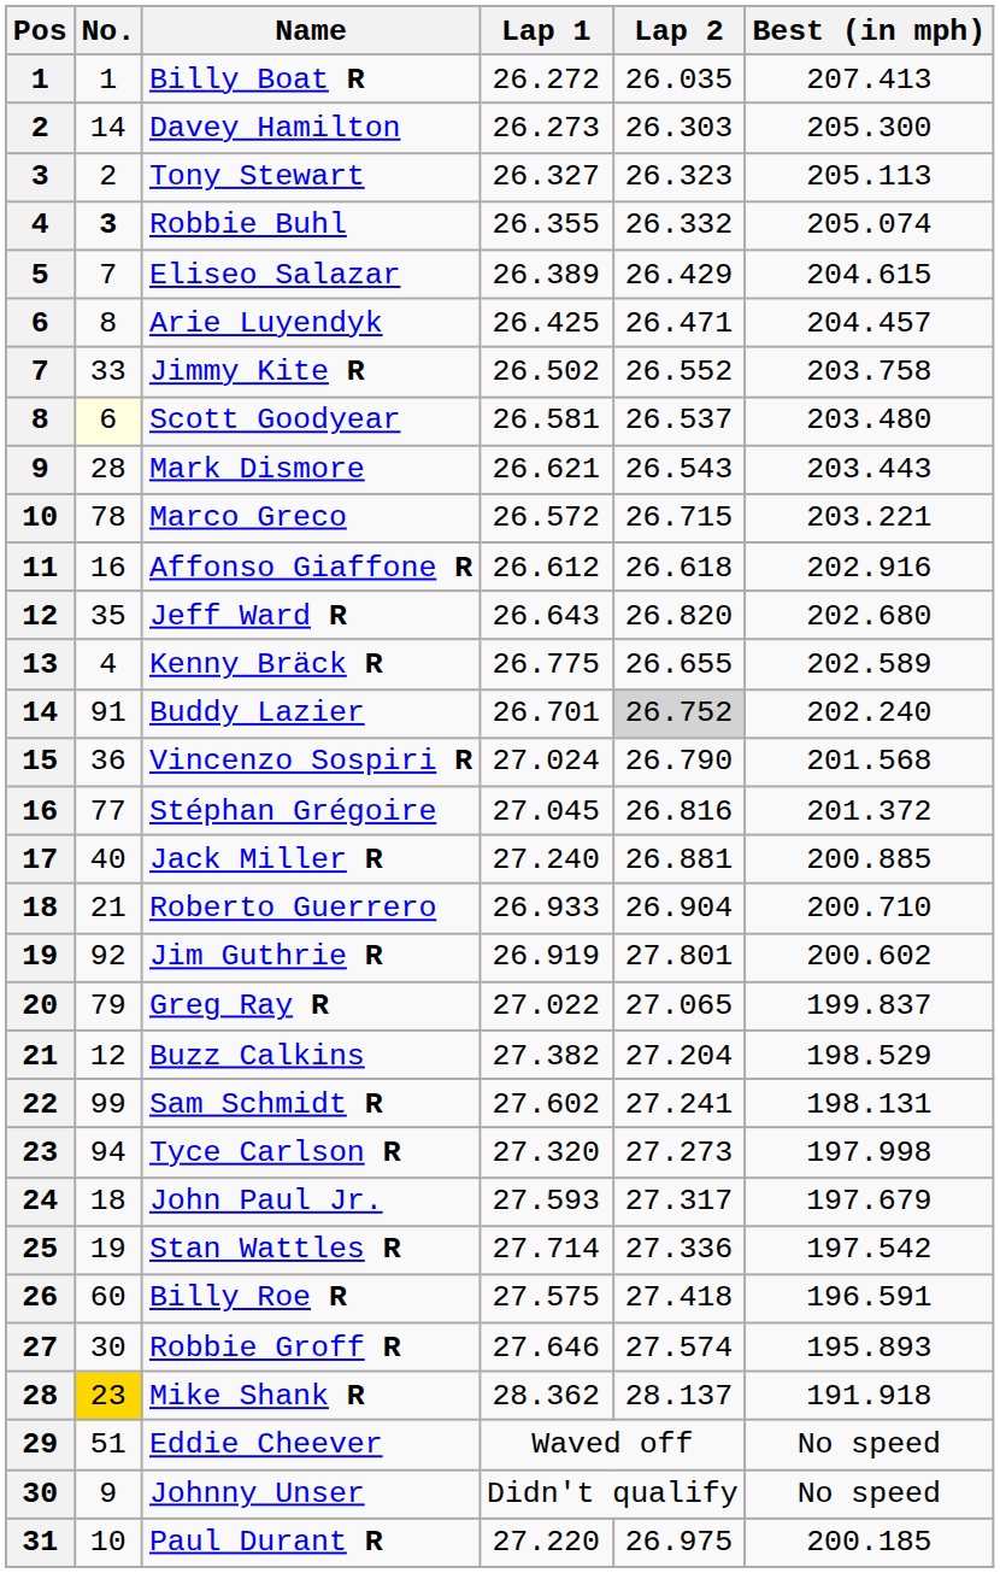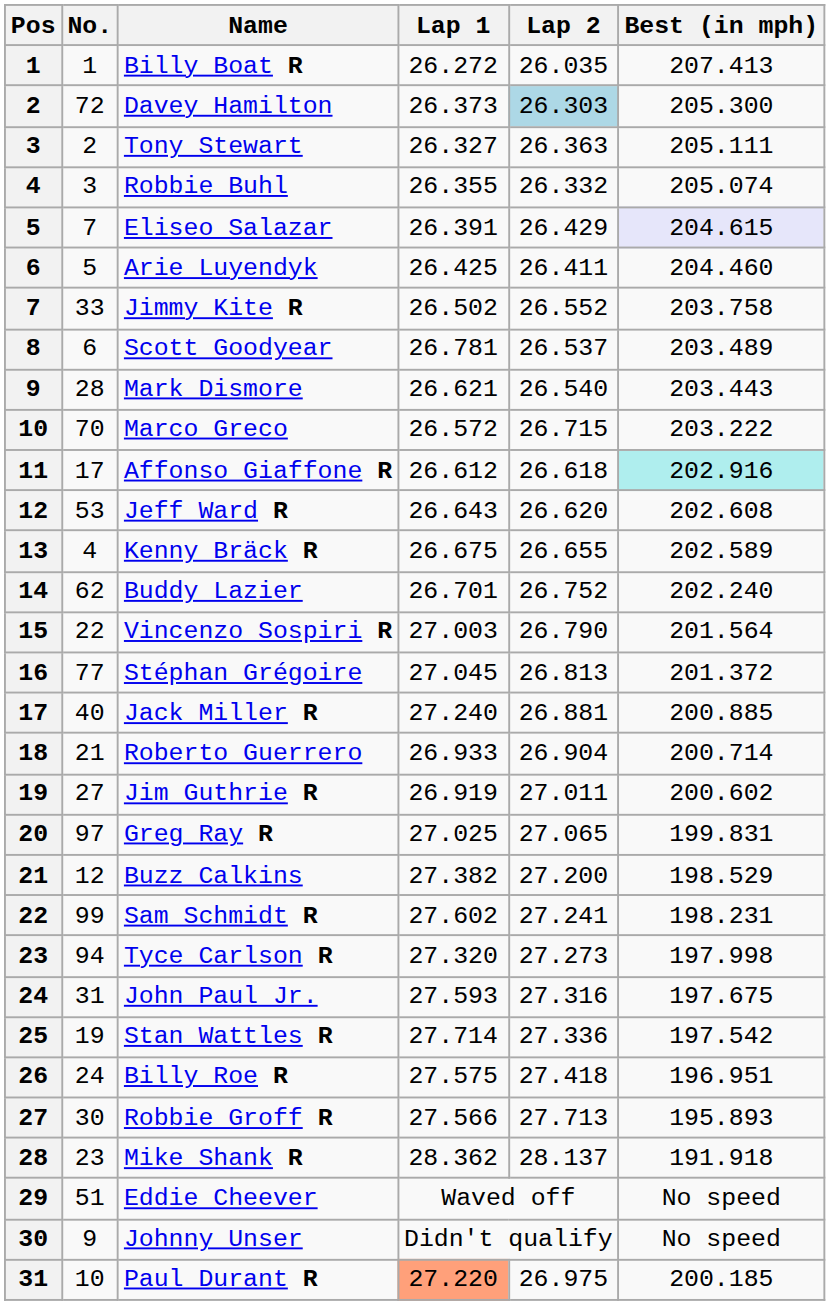 <table class="wikitable sortable" " style="fontsize:95%">
 <tr>
 <th>Pos</th>
 <th>No.</th>
 <th>Name</th>
 <th>Lap 1</th>
 <th>Lap 2</th>
 <th>Best (in mph)</th>
 </tr>
 <tr>
 <th scope="row">1</th>
 <td align=center>1</td>
 <td> <a href='#'>Billy Boat</a> <strong><span>R</span></strong></td>
 <td align="center">26.272</td>
 <td align="center">26.035</td>
 <td align="center">207.413</td>
 </tr>
 <tr>
 <th scope="row">2</th>
-<td align=center>14</td>
+<td align=center>72</td>
 <td> <a href='#'>Davey Hamilton</a></td>
-<td align="center">26.273</td>
-<td align="center">26.303</td>
+<td align="center">26.373</td>
+<td align="center" style="background: lightblue;">26.303</td>
 <td align="center">205.300</td>
 </tr>
 <tr>
 <th scope="row">3</th>
 <td align=center>2</td>
 <td> <a href='#'>Tony Stewart</a></td>
 <td align="center">26.327</td>
-<td align="center">26.323</td>
-<td align="center">205.113</td>
+<td align="center">26.363</td>
+<td align="center">205.111</td>
 </tr>
 <tr>
 <th scope="row">4</th>
-<td align=center><strong>3</strong></td>
+<td align=center>3</td>
 <td> <a href='#'>Robbie Buhl</a></td>
 <td align="center">26.355</td>
 <td align="center">26.332</td>
 <td align="center">205.074</td>
 </tr>
 <tr>
 <th scope="row">5</th>
 <td align=center>7</td>
 <td> <a href='#'>Eliseo Salazar</a></td>
-<td align="center">26.389</td>
+<td align="center">26.391</td>
 <td align="center">26.429</td>
-<td align="center">204.615</td>
+<td align="center" style="background: lavender;">204.615</td>
 </tr>
 <tr>
 <th scope="row">6</th>
-<td align=center>8</td>
+<td align=center>5</td>
 <td> <a href='#'>Arie Luyendyk</a></td>
 <td align="center">26.425</td>
-<td align="center">26.471</td>
-<td align="center">204.457</td>
+<td align="center">26.411</td>
+<td align="center">204.460</td>
 </tr>
 <tr>
 <th scope="row">7</th>
 <td align=center>33</td>
 <td> <a href='#'>Jimmy Kite</a> <strong><span>R</span></strong></td>
 <td align="center">26.502</td>
 <td align="center">26.552</td>
 <td align="center">203.758</td>
 </tr>
 <tr>
 <th scope="row">8</th>
-<td align=center style="background: lightyellow;">6</td>
+<td align=center>6</td>
 <td> <a href='#'>Scott Goodyear</a></td>
-<td align="center">26.581</td>
+<td align="center">26.781</td>
 <td align="center">26.537</td>
-<td align="center">203.480</td>
+<td align="center">203.489</td>
 </tr>
 <tr>
 <th scope="row">9</th>
 <td align=center>28</td>
 <td> <a href='#'>Mark Dismore</a></td>
 <td align="center">26.621</td>
-<td align="center">26.543</td>
+<td align="center">26.540</td>
 <td align="center">203.443</td>
 </tr>
 <tr>
 <th scope="row">10</th>
-<td align=center>78</td>
+<td align=center>70</td>
 <td> <a href='#'>Marco Greco</a></td>
 <td align="center">26.572</td>
 <td align="center">26.715</td>
-<td align="center">203.221</td>
+<td align="center">203.222</td>
 </tr>
 <tr>
 <th scope="row">11</th>
-<td align=center>16</td>
+<td align=center>17</td>
 <td> <a href='#'>Affonso Giaffone</a> <strong><span>R</span></strong></td>
 <td align="center">26.612</td>
 <td align="center">26.618</td>
-<td align="center">202.916</td>
+<td align="center" style="background: paleturquoise;">202.916</td>
 </tr>
 <tr>
 <th scope="row">12</th>
-<td align=center>35</td>
+<td align=center>53</td>
 <td> <a href='#'>Jeff Ward</a> <strong><span>R</span></strong></td>
 <td align="center">26.643</td>
-<td align="center">26.820</td>
-<td align="center">202.680</td>
+<td align="center">26.620</td>
+<td align="center">202.608</td>
 </tr>
 <tr>
 <th scope="row">13</th>
 <td align=center>4</td>
 <td> <a href='#'>Kenny Bräck</a> <strong><span>R</span></strong></td>
-<td align="center">26.775</td>
+<td align="center">26.675</td>
 <td align="center">26.655</td>
 <td align="center">202.589</td>
 </tr>
 <tr>
 <th scope="row">14</th>
-<td align=center>91</td>
+<td align=center>62</td>
 <td> <a href='#'>Buddy Lazier</a></td>
 <td align="center">26.701</td>
-<td align="center" style="background: lightgrey;">26.752</td>
+<td align="center">26.752</td>
 <td align="center">202.240</td>
 </tr>
 <tr>
 <th scope="row">15</th>
-<td align=center>36</td>
+<td align=center>22</td>
 <td> <a href='#'>Vincenzo Sospiri</a> <strong><span>R</span></strong></td>
-<td align="center">27.024</td>
+<td align="center">27.003</td>
 <td align="center">26.790</td>
-<td align="center">201.568</td>
+<td align="center">201.564</td>
 </tr>
 <tr>
 <th scope="row">16</th>
 <td align=center>77</td>
 <td> <a href='#'>Stéphan Grégoire</a></td>
 <td align="center">27.045</td>
-<td align="center">26.816</td>
+<td align="center">26.813</td>
 <td align="center">201.372</td>
 </tr>
 <tr>
 <th scope="row">17</th>
 <td align=center>40</td>
 <td> <a href='#'>Jack Miller</a> <strong><span>R</span></strong></td>
 <td align="center">27.240</td>
 <td align="center">26.881</td>
 <td align="center">200.885</td>
 </tr>
 <tr>
 <th scope="row">18</th>
 <td align=center>21</td>
 <td> <a href='#'>Roberto Guerrero</a></td>
 <td align="center">26.933</td>
 <td align="center">26.904</td>
-<td align="center">200.710</td>
+<td align="center">200.714</td>
 </tr>
 <tr>
 <th scope="row">19</th>
-<td align=center>92</td>
+<td align=center>27</td>
 <td> <a href='#'>Jim Guthrie</a> <strong><span>R</span></strong></td>
 <td align="center">26.919</td>
-<td align="center">27.801</td>
+<td align="center">27.011</td>
 <td align="center">200.602</td>
 </tr>
 <tr>
 <th scope="row">20</th>
-<td align=center>79</td>
+<td align=center>97</td>
 <td> <a href='#'>Greg Ray</a> <strong><span>R</span></strong></td>
-<td align="center">27.022</td>
+<td align="center">27.025</td>
 <td align="center">27.065</td>
-<td align="center">199.837</td>
+<td align="center">199.831</td>
 </tr>
 <tr>
 <th scope="row">21</th>
 <td align=center>12</td>
 <td> <a href='#'>Buzz Calkins</a></td>
 <td align="center">27.382</td>
-<td align="center">27.204</td>
+<td align="center">27.200</td>
 <td align="center">198.529</td>
 </tr>
 <tr>
 <th scope="row">22</th>
 <td align=center>99</td>
 <td> <a href='#'>Sam Schmidt</a> <strong><span>R</span></strong></td>
 <td align="center">27.602</td>
 <td align="center">27.241</td>
-<td align="center">198.131</td>
+<td align="center">198.231</td>
 </tr>
 <tr>
 <th scope="row">23</th>
 <td align=center>94</td>
 <td> <a href='#'>Tyce Carlson</a> <strong><span>R</span></strong></td>
 <td align="center">27.320</td>
 <td align="center">27.273</td>
 <td align="center">197.998</td>
 </tr>
 <tr>
 <th scope="row">24</th>
-<td align=center>18</td>
+<td align=center>31</td>
 <td> <a href='#'>John Paul Jr.</a></td>
 <td align="center">27.593</td>
-<td align="center">27.317</td>
-<td align="center">197.679</td>
+<td align="center">27.316</td>
+<td align="center">197.675</td>
 </tr>
 <tr>
 <th scope="row">25</th>
 <td align=center>19</td>
 <td> <a href='#'>Stan Wattles</a> <strong><span>R</span></strong></td>
 <td align="center">27.714</td>
 <td align="center">27.336</td>
 <td align="center">197.542</td>
 </tr>
 <tr>
 <th scope="row">26</th>
-<td align=center>60</td>
+<td align=center>24</td>
 <td> <a href='#'>Billy Roe</a> <strong><span>R</span></strong></td>
 <td align="center">27.575</td>
 <td align="center">27.418</td>
-<td align="center">196.591</td>
+<td align="center">196.951</td>
 </tr>
 <tr>
 <th scope="row">27</th>
 <td align=center>30</td>
 <td> <a href='#'>Robbie Groff</a> <strong><span>R</span></strong></td>
-<td align="center">27.646</td>
-<td align="center">27.574</td>
+<td align="center">27.566</td>
+<td align="center">27.713</td>
 <td align="center">195.893</td>
 </tr>
 <tr>
 <th scope="row">28</th>
-<td align=center style="background: gold;">23</td>
+<td align=center>23</td>
 <td> <a href='#'>Mike Shank</a> <strong><span>R</span></strong></td>
 <td align="center">28.362</td>
 <td align="center">28.137</td>
 <td align="center">191.918</td>
 </tr>
 <tr>
 <th scope="row">29</th>
 <td align=center>51</td>
 <td> <a href='#'>Eddie Cheever</a></td>
 <td colspan=2 align="center">Waved off</td>
 <td align="center">No speed</td>
 </tr>
 <tr>
 <th scope="row">30</th>
 <td align=center>9</td>
 <td> <a href='#'>Johnny Unser</a></td>
 <td colspan=2 align="center">Didn't qualify</td>
 <td align="center">No speed</td>
 </tr>
 <tr>
 <th scope="row">31</th>
 <td align=center>10</td>
 <td> <a href='#'>Paul Durant</a> <strong><span>R</span></strong></td>
-<td align="center">27.220</td>
+<td align="center" style="background: lightsalmon;">27.220</td>
 <td align="center">26.975</td>
 <td align="center">200.185</td>
 </tr>
 </table>
